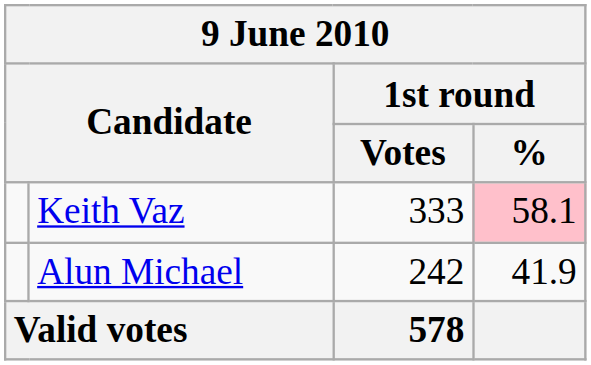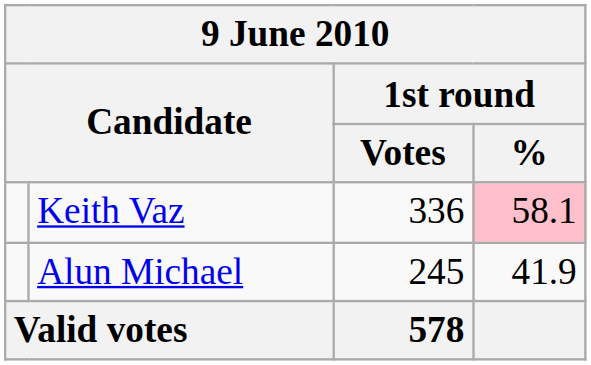 <table class="wikitable" style="min-width:250px">
 <tr>
 <th colspan="4">9 June 2010</th>
 </tr>
 <tr>
 <th colspan="2" rowspan="2">Candidate</th>
 <th colspan="2">1st round</th>
 </tr>
 <tr>
 <th>Votes</th>
 <th>%</th>
 </tr>
 <tr>
 <td style="color:inherit;background-color: "></td>
 <td><a href='#'>Keith Vaz</a></td>
-<td align="right">333</td>
+<td align="right">336</td>
 <td align="right" style="background: pink;">58.1</td>
 </tr>
 <tr>
 <td style="color:inherit;background-color: "></td>
 <td><a href='#'>Alun Michael</a></td>
-<td align="right">242</td>
+<td align="right">245</td>
 <td align="right">41.9</td>
 </tr>
 <tr>
 <th colspan="2" style="text-align:left;"><strong>Valid votes</strong></th>
 <th style="text-align:right;">578</th>
 <th></th>
 </tr>
 </table>
